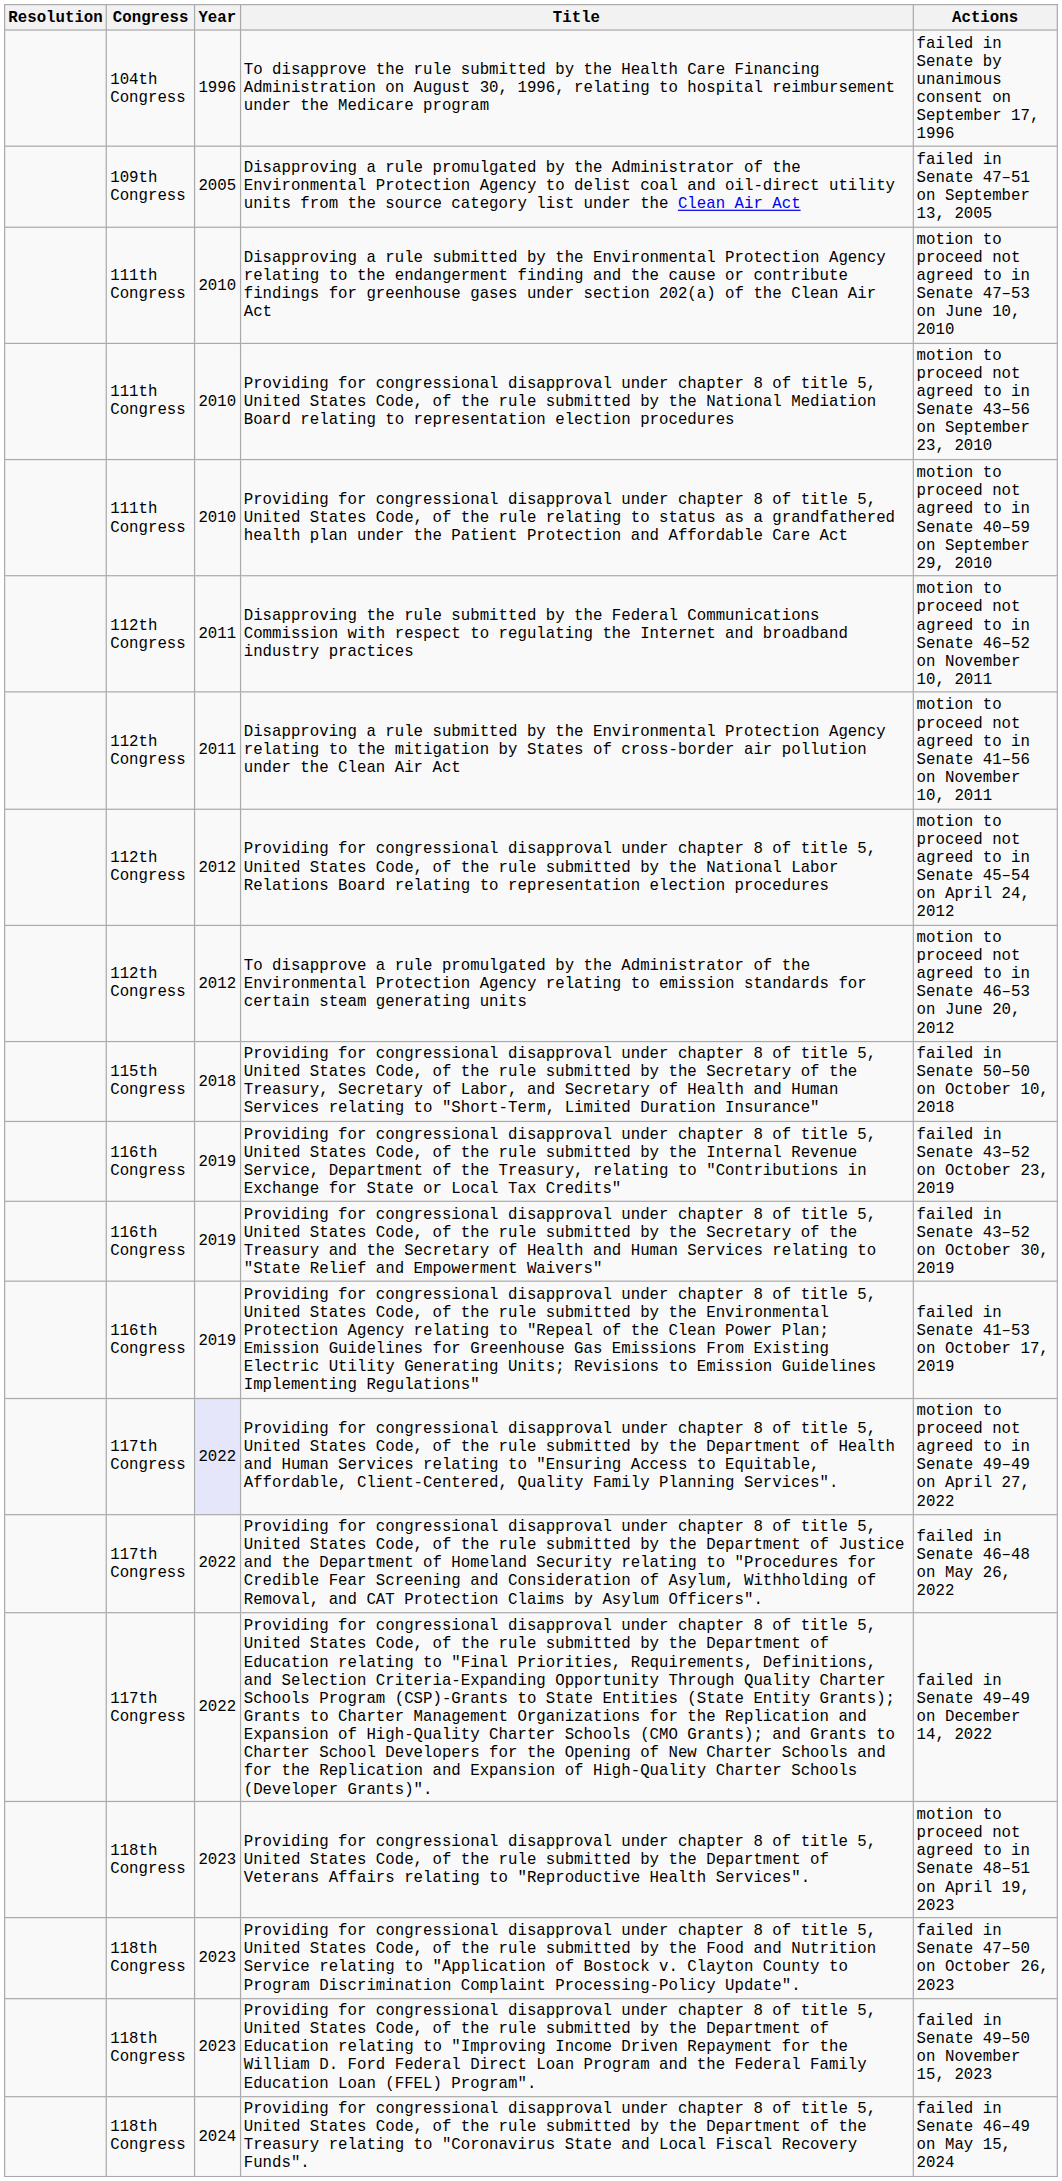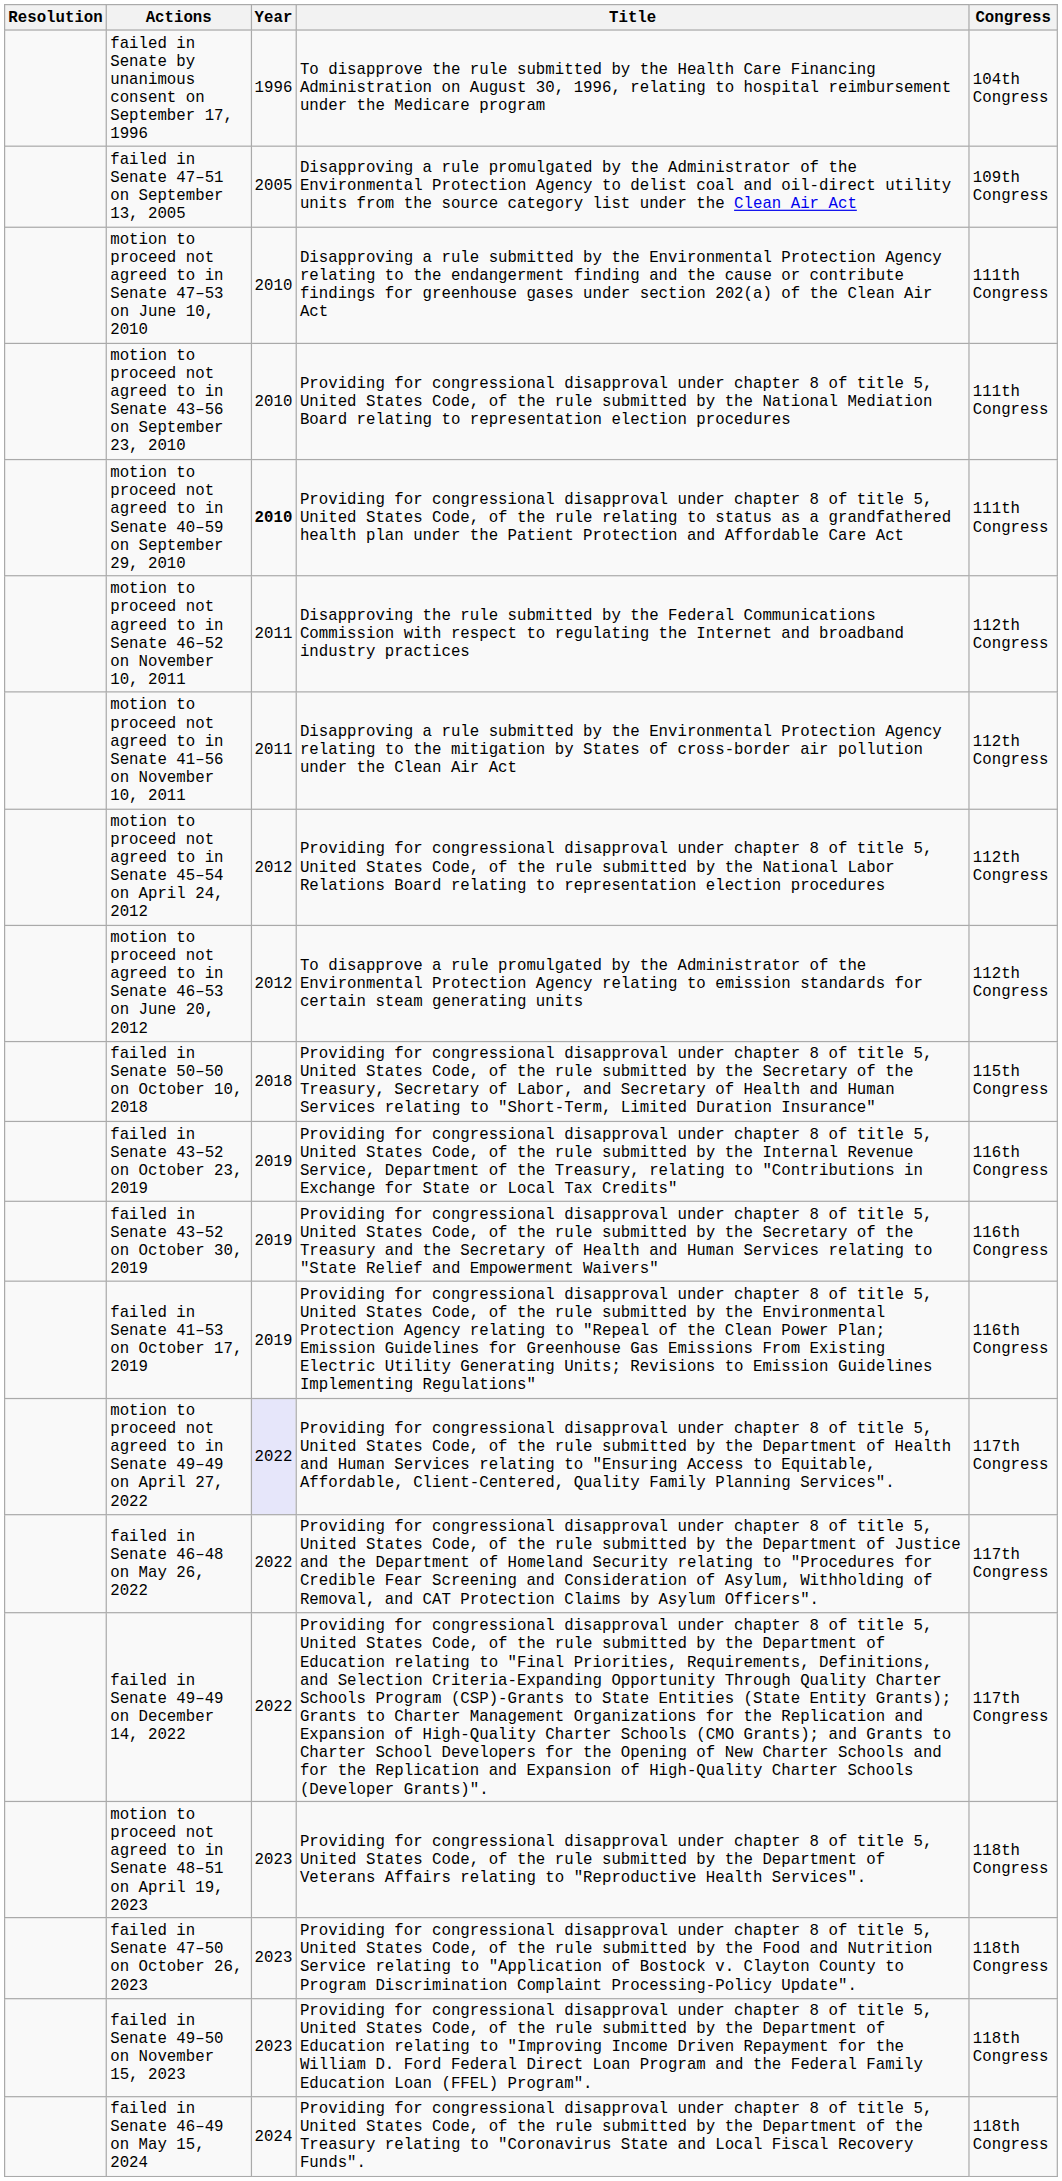 <table class="wikitable sortable">
 <tr>
 <th>Resolution</th>
-<th>Congress</th>
+<th>Actions</th>
 <th>Year</th>
 <th>Title</th>
-<th>Actions</th>
+<th>Congress</th>
 </tr>
 <tr>
 <td></td>
-<td>104th Congress</td>
+<td>failed in Senate by unanimous consent on September 17, 1996</td>
 <td>1996</td>
 <td>To disapprove the rule submitted by the Health Care Financing Administration on August 30, 1996, relating to hospital reimbursement under the Medicare program</td>
-<td>failed in Senate by unanimous consent on September 17, 1996</td>
+<td>104th Congress</td>
 </tr>
 <tr>
 <td></td>
-<td>109th Congress</td>
+<td>failed in Senate 47–51 on September 13, 2005</td>
 <td>2005</td>
 <td>Disapproving a rule promulgated by the Administrator of the Environmental Protection Agency to delist coal and oil-direct utility units from the source category list under the <a href='#'>Clean Air Act</a></td>
-<td>failed in Senate 47–51 on September 13, 2005</td>
+<td>109th Congress</td>
 </tr>
 <tr>
 <td></td>
-<td>111th Congress</td>
+<td>motion to proceed not agreed to in Senate 47–53 on June 10, 2010</td>
 <td>2010</td>
 <td>Disapproving a rule submitted by the Environmental Protection Agency relating to the endangerment finding and the cause or contribute findings for greenhouse gases under section 202(a) of the Clean Air Act</td>
-<td>motion to proceed not agreed to in Senate 47–53 on June 10, 2010</td>
+<td>111th Congress</td>
 </tr>
 <tr>
 <td></td>
-<td>111th Congress</td>
+<td>motion to proceed not agreed to in Senate 43–56 on September 23, 2010</td>
 <td>2010</td>
 <td>Providing for congressional disapproval under chapter 8 of title 5, United States Code, of the rule submitted by the National Mediation Board relating to representation election procedures</td>
-<td>motion to proceed not agreed to in Senate 43–56 on September 23, 2010</td>
+<td>111th Congress</td>
 </tr>
 <tr>
 <td></td>
+<td>motion to proceed not agreed to in Senate 40–59 on September 29, 2010</td>
+<td><strong>2010</strong></td>
+<td>Providing for congressional disapproval under chapter 8 of title 5, United States Code, of the rule relating to status as a grandfathered health plan under the Patient Protection and Affordable Care Act</td>
 <td>111th Congress</td>
-<td>2010</td>
-<td>Providing for congressional disapproval under chapter 8 of title 5, United States Code, of the rule relating to status as a grandfathered health plan under the Patient Protection and Affordable Care Act</td>
-<td>motion to proceed not agreed to in Senate 40–59 on September 29, 2010</td>
 </tr>
 <tr>
 <td></td>
-<td>112th Congress</td>
+<td>motion to proceed not agreed to in Senate 46–52 on November 10, 2011</td>
 <td>2011</td>
 <td>Disapproving the rule submitted by the Federal Communications Commission with respect to regulating the Internet and broadband industry practices</td>
-<td>motion to proceed not agreed to in Senate 46–52 on November 10, 2011</td>
+<td>112th Congress</td>
 </tr>
 <tr>
 <td></td>
-<td>112th Congress</td>
+<td>motion to proceed not agreed to in Senate 41–56 on November 10, 2011</td>
 <td>2011</td>
 <td>Disapproving a rule submitted by the Environmental Protection Agency relating to the mitigation by States of cross-border air pollution under the Clean Air Act</td>
-<td>motion to proceed not agreed to in Senate 41–56 on November 10, 2011</td>
+<td>112th Congress</td>
 </tr>
 <tr>
 <td></td>
-<td>112th Congress</td>
+<td>motion to proceed not agreed to in Senate 45–54 on April 24, 2012</td>
 <td>2012</td>
 <td>Providing for congressional disapproval under chapter 8 of title 5, United States Code, of the rule submitted by the National Labor Relations Board relating to representation election procedures</td>
-<td>motion to proceed not agreed to in Senate 45–54 on April 24, 2012</td>
+<td>112th Congress</td>
 </tr>
 <tr>
 <td></td>
-<td>112th Congress</td>
+<td>motion to proceed not agreed to in Senate 46–53 on June 20, 2012</td>
 <td>2012</td>
 <td>To disapprove a rule promulgated by the Administrator of the Environmental Protection Agency relating to emission standards for certain steam generating units</td>
-<td>motion to proceed not agreed to in Senate 46–53 on June 20, 2012</td>
+<td>112th Congress</td>
 </tr>
 <tr>
 <td></td>
-<td>115th Congress</td>
+<td>failed in Senate 50–50 on October 10, 2018</td>
 <td>2018</td>
 <td>Providing for congressional disapproval under chapter 8 of title 5, United States Code, of the rule submitted by the Secretary of the Treasury, Secretary of Labor, and Secretary of Health and Human Services relating to "Short-Term, Limited Duration Insurance"</td>
-<td>failed in Senate 50–50 on October 10, 2018</td>
+<td>115th Congress</td>
 </tr>
 <tr>
 <td></td>
-<td>116th Congress</td>
+<td>failed in Senate 43–52 on October 23, 2019</td>
 <td>2019</td>
 <td>Providing for congressional disapproval under chapter 8 of title 5, United States Code, of the rule submitted by the Internal Revenue Service, Department of the Treasury, relating to "Contributions in Exchange for State or Local Tax Credits"</td>
-<td>failed in Senate 43–52 on October 23, 2019</td>
+<td>116th Congress</td>
 </tr>
 <tr>
 <td></td>
-<td>116th Congress</td>
+<td>failed in Senate 43–52 on October 30, 2019</td>
 <td>2019</td>
 <td>Providing for congressional disapproval under chapter 8 of title 5, United States Code, of the rule submitted by the Secretary of the Treasury and the Secretary of Health and Human Services relating to "State Relief and Empowerment Waivers"</td>
-<td>failed in Senate 43–52 on October 30, 2019</td>
+<td>116th Congress</td>
 </tr>
 <tr>
 <td></td>
-<td>116th Congress</td>
+<td>failed in Senate 41–53 on October 17, 2019</td>
 <td>2019</td>
 <td>Providing for congressional disapproval under chapter 8 of title 5, United States Code, of the rule submitted by the Environmental Protection Agency relating to "Repeal of the Clean Power Plan; Emission Guidelines for Greenhouse Gas Emissions From Existing Electric Utility Generating Units; Revisions to Emission Guidelines Implementing Regulations"</td>
-<td>failed in Senate 41–53 on October 17, 2019</td>
+<td>116th Congress</td>
 </tr>
 <tr>
 <td></td>
-<td>117th Congress</td>
+<td>motion to proceed not agreed to in Senate 49–49 on April 27, 2022</td>
 <td style="background: lavender;">2022</td>
 <td>Providing for congressional disapproval under chapter 8 of title 5, United States Code, of the rule submitted by the Department of Health and Human Services relating to "Ensuring Access to Equitable, Affordable, Client-Centered, Quality Family Planning Services".</td>
-<td>motion to proceed not agreed to in Senate 49–49 on April 27, 2022</td>
+<td>117th Congress</td>
 </tr>
 <tr>
 <td></td>
-<td>117th Congress</td>
+<td>failed in Senate 46–48 on May 26, 2022</td>
 <td>2022</td>
 <td>Providing for congressional disapproval under chapter 8 of title 5, United States Code, of the rule submitted by the Department of Justice and the Department of Homeland Security relating to "Procedures for Credible Fear Screening and Consideration of Asylum, Withholding of Removal, and CAT Protection Claims by Asylum Officers".</td>
-<td>failed in Senate 46–48 on May 26, 2022</td>
+<td>117th Congress</td>
 </tr>
 <tr>
 <td></td>
-<td>117th Congress</td>
+<td>failed in Senate 49–49 on December 14, 2022</td>
 <td>2022</td>
 <td>Providing for congressional disapproval under chapter 8 of title 5, United States Code, of the rule submitted by the Department of Education relating to "Final Priorities, Requirements, Definitions, and Selection Criteria-Expanding Opportunity Through Quality Charter Schools Program (CSP)-Grants to State Entities (State Entity Grants); Grants to Charter Management Organizations for the Replication and Expansion of High-Quality Charter Schools (CMO Grants); and Grants to Charter School Developers for the Opening of New Charter Schools and for the Replication and Expansion of High-Quality Charter Schools (Developer Grants)".</td>
-<td>failed in Senate 49–49 on December 14, 2022</td>
+<td>117th Congress</td>
 </tr>
 <tr>
 <td></td>
-<td>118th Congress</td>
+<td>motion to proceed not agreed to in Senate 48–51 on April 19, 2023</td>
 <td>2023</td>
 <td>Providing for congressional disapproval under chapter 8 of title 5, United States Code, of the rule submitted by the Department of Veterans Affairs relating to "Reproductive Health Services".</td>
-<td>motion to proceed not agreed to in Senate 48–51 on April 19, 2023</td>
+<td>118th Congress</td>
 </tr>
 <tr>
 <td></td>
-<td>118th Congress</td>
+<td>failed in Senate 47–50 on October 26, 2023</td>
 <td>2023</td>
 <td>Providing for congressional disapproval under chapter 8 of title 5, United States Code, of the rule submitted by the Food and Nutrition Service relating to "Application of Bostock v. Clayton County to Program Discrimination Complaint Processing-Policy Update".</td>
-<td>failed in Senate 47–50 on October 26, 2023</td>
+<td>118th Congress</td>
 </tr>
 <tr>
 <td></td>
-<td>118th Congress</td>
+<td>failed in Senate 49–50 on November 15, 2023</td>
 <td>2023</td>
 <td>Providing for congressional disapproval under chapter 8 of title 5, United States Code, of the rule submitted by the Department of Education relating to "Improving Income Driven Repayment for the William D. Ford Federal Direct Loan Program and the Federal Family Education Loan (FFEL) Program".</td>
-<td>failed in Senate 49–50 on November 15, 2023</td>
+<td>118th Congress</td>
 </tr>
 <tr>
 <td></td>
-<td>118th Congress</td>
+<td>failed in Senate 46–49 on May 15, 2024</td>
 <td>2024</td>
 <td>Providing for congressional disapproval under chapter 8 of title 5, United States Code, of the rule submitted by the Department of the Treasury relating to "Coronavirus State and Local Fiscal Recovery Funds".</td>
-<td>failed in Senate 46–49 on May 15, 2024</td>
+<td>118th Congress</td>
 </tr>
 </table>
